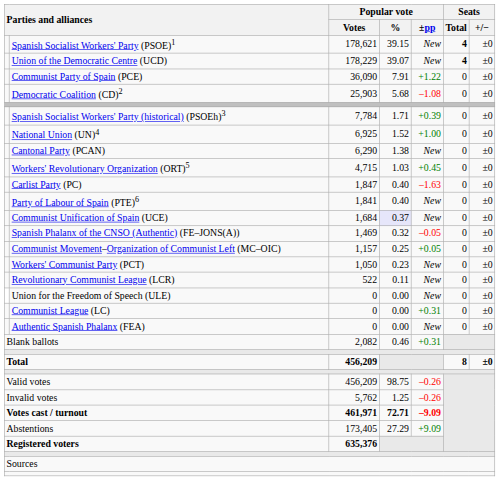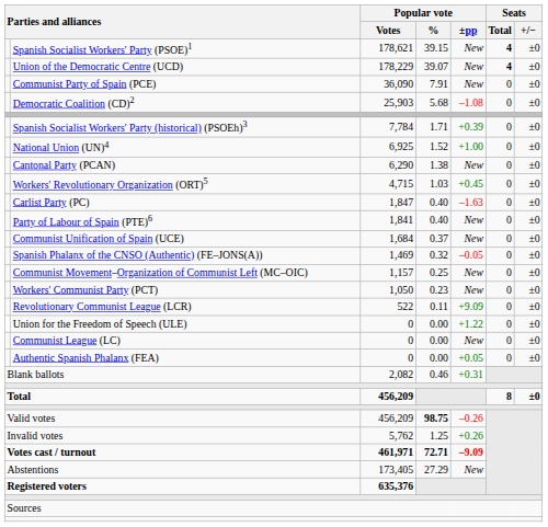 <table class="wikitable" style="text-align:right;">
 <tr>
 <th style="text-align:left;" rowspan="2" colspan="2" width="525">Parties and alliances</th>
 <th colspan="3">Popular vote</th>
 <th colspan="2">Seats</th>
 </tr>
 <tr>
 <th width="75">Votes</th>
 <th width="45">%</th>
 <th width="45">±<a href='#'>pp</a></th>
 <th width="35">Total</th>
 <th width="35">+/−</th>
 </tr>
 <tr>
 <td width="1" style="color:inherit;background:"></td>
 <td align="left"><a href='#'>Spanish Socialist Workers' Party</a> (PSOE)<sup>1</sup></td>
 <td>178,621</td>
 <td>39.15</td>
 <td><em>New</em></td>
 <td><strong>4</strong></td>
 <td>±0</td>
 </tr>
 <tr>
 <td style="color:inherit;background:"></td>
 <td align="left"><a href='#'>Union of the Democratic Centre</a> (UCD)</td>
 <td>178,229</td>
 <td>39.07</td>
 <td><em>New</em></td>
 <td><strong>4</strong></td>
 <td>±0</td>
 </tr>
 <tr>
 <td style="color:inherit;background:"></td>
 <td align="left"><a href='#'>Communist Party of Spain</a> (PCE)</td>
 <td>36,090</td>
 <td>7.91</td>
-<td style="color:green;">+1.22</td>
+<td><em>New</em></td>
 <td>0</td>
 <td>±0</td>
 </tr>
 <tr>
 <td width="1" style="color:inherit;background:"></td>
 <td align="left"><a href='#'>Democratic Coalition</a> (CD)<sup>2</sup></td>
 <td>25,903</td>
 <td>5.68</td>
 <td style="color:red;">–1.08</td>
 <td>0</td>
 <td>±0</td>
 </tr>
 <tr>
 <td colspan="7" bgcolor="#C0C0C0"></td>
 </tr>
 <tr>
 <td style="color:inherit;background:"></td>
 <td align="left"><a href='#'>Spanish Socialist Workers' Party (historical)</a> (PSOEh)<sup>3</sup></td>
 <td>7,784</td>
 <td>1.71</td>
 <td style="color:green;">+0.39</td>
 <td>0</td>
 <td>±0</td>
 </tr>
 <tr>
 <td style="color:inherit;background:"></td>
 <td align="left"><a href='#'>National Union</a> (UN)<sup>4</sup></td>
 <td>6,925</td>
 <td>1.52</td>
 <td style="color:green;">+1.00</td>
 <td>0</td>
 <td>±0</td>
 </tr>
 <tr>
 <td style="color:inherit;background:"></td>
 <td align="left"><a href='#'>Cantonal Party</a> (PCAN)</td>
 <td>6,290</td>
 <td>1.38</td>
 <td><em>New</em></td>
 <td>0</td>
 <td>±0</td>
 </tr>
 <tr>
 <td style="color:inherit;background:"></td>
 <td align="left"><a href='#'>Workers' Revolutionary Organization</a> (ORT)<sup>5</sup></td>
 <td>4,715</td>
 <td>1.03</td>
 <td style="color:green;">+0.45</td>
 <td>0</td>
 <td>±0</td>
 </tr>
 <tr>
 <td style="color:inherit;background:"></td>
 <td align="left"><a href='#'>Carlist Party</a> (PC)</td>
 <td>1,847</td>
 <td>0.40</td>
 <td style="color:red;">–1.63</td>
 <td>0</td>
 <td>±0</td>
 </tr>
 <tr>
 <td style="color:inherit;background:"></td>
 <td align="left"><a href='#'>Party of Labour of Spain</a> (PTE)<sup>6</sup></td>
 <td>1,841</td>
 <td>0.40</td>
 <td><em>New</em></td>
 <td>0</td>
 <td>±0</td>
 </tr>
 <tr>
 <td style="color:inherit;background:"></td>
 <td align="left"><a href='#'>Communist Unification of Spain</a> (UCE)</td>
 <td>1,684</td>
-<td style="background: lavender;">0.37</td>
+<td>0.37</td>
 <td><em>New</em></td>
 <td>0</td>
 <td>±0</td>
 </tr>
 <tr>
 <td style="color:inherit;background:"></td>
 <td align="left"><a href='#'>Spanish Phalanx of the CNSO (Authentic)</a> (FE–JONS(A))</td>
 <td>1,469</td>
 <td>0.32</td>
 <td style="color:red;">–0.05</td>
 <td>0</td>
 <td>±0</td>
 </tr>
 <tr>
 <td style="color:inherit;background:"></td>
 <td align="left"><a href='#'>Communist Movement</a>–<a href='#'>Organization of Communist Left</a> (MC–OIC)</td>
 <td>1,157</td>
 <td>0.25</td>
-<td style="color:green;">+0.05</td>
+<td><em>New</em></td>
 <td>0</td>
 <td>±0</td>
 </tr>
 <tr>
 <td style="color:inherit;background:"></td>
 <td align="left"><a href='#'>Workers' Communist Party</a> (PCT)</td>
 <td>1,050</td>
 <td>0.23</td>
 <td><em>New</em></td>
 <td>0</td>
 <td>±0</td>
 </tr>
 <tr>
 <td style="color:inherit;background:"></td>
 <td align="left"><a href='#'>Revolutionary Communist League</a> (LCR)</td>
 <td>522</td>
 <td>0.11</td>
-<td><em>New</em></td>
+<td style="color:green;">+9.09</td>
 <td>0</td>
 <td>±0</td>
 </tr>
 <tr>
 <td bgcolor="white"></td>
 <td align="left">Union for the Freedom of Speech (ULE)</td>
 <td>0</td>
 <td>0.00</td>
-<td><em>New</em></td>
+<td style="color:green;">+1.22</td>
 <td>0</td>
 <td>±0</td>
 </tr>
 <tr>
 <td style="color:inherit;background:"></td>
 <td align="left"><a href='#'>Communist League</a> (LC)</td>
 <td>0</td>
 <td>0.00</td>
-<td style="color:green;">+0.31</td>
+<td><em>New</em></td>
 <td>0</td>
 <td>±0</td>
 </tr>
 <tr>
 <td style="color:inherit;background:"></td>
 <td align="left"><a href='#'>Authentic Spanish Phalanx</a> (FEA)</td>
 <td>0</td>
 <td>0.00</td>
-<td><em>New</em></td>
+<td style="color:green;">+0.05</td>
 <td>0</td>
 <td>±0</td>
 </tr>
 <tr>
 <td align="left" colspan="2">Blank ballots</td>
 <td>2,082</td>
 <td>0.46</td>
 <td style="color:green;">+0.31</td>
 <td bgcolor="#E9E9E9" colspan="2"></td>
 </tr>
 <tr>
 <td colspan="7" bgcolor="#E9E9E9"></td>
 </tr>
 <tr style="font-weight:bold;">
 <td align="left" colspan="2">Total</td>
 <td>456,209</td>
 <td bgcolor="#E9E9E9" colspan="2"></td>
 <td>8</td>
 <td>±0</td>
 </tr>
 <tr>
 <td colspan="7" bgcolor="#E9E9E9"></td>
 </tr>
 <tr>
 <td align="left" colspan="2">Valid votes</td>
 <td>456,209</td>
-<td>98.75</td>
+<td><strong>98.75</strong></td>
 <td style="color:red;">–0.26</td>
 <td bgcolor="#E9E9E9" colspan="2" rowspan="5"></td>
 </tr>
 <tr>
 <td align="left" colspan="2">Invalid votes</td>
 <td>5,762</td>
 <td>1.25</td>
-<td style="color:red;">–0.26</td>
+<td style="color:green;">+0.26</td>
 </tr>
 <tr style="font-weight:bold;">
 <td align="left" colspan="2">Votes cast / turnout</td>
 <td>461,971</td>
 <td>72.71</td>
 <td style="color:red;">–9.09</td>
 </tr>
 <tr>
 <td align="left" colspan="2">Abstentions</td>
 <td>173,405</td>
 <td>27.29</td>
-<td style="color:green;">+9.09</td>
+<td><em>New</em></td>
 </tr>
 <tr style="font-weight:bold;">
 <td align="left" colspan="2">Registered voters</td>
 <td>635,376</td>
 <td bgcolor="#E9E9E9" colspan="2"></td>
 </tr>
 <tr>
 <td colspan="7" bgcolor="#E9E9E9"></td>
 </tr>
 <tr>
 <td align="left" colspan="7">Sources</td>
 </tr>
 <tr>
 <td colspan="7" style="text-align:left; max-width:790px;"></td>
 </tr>
 </table>
